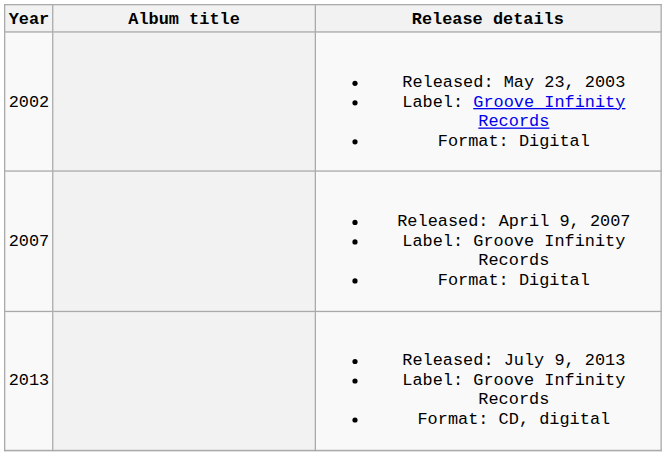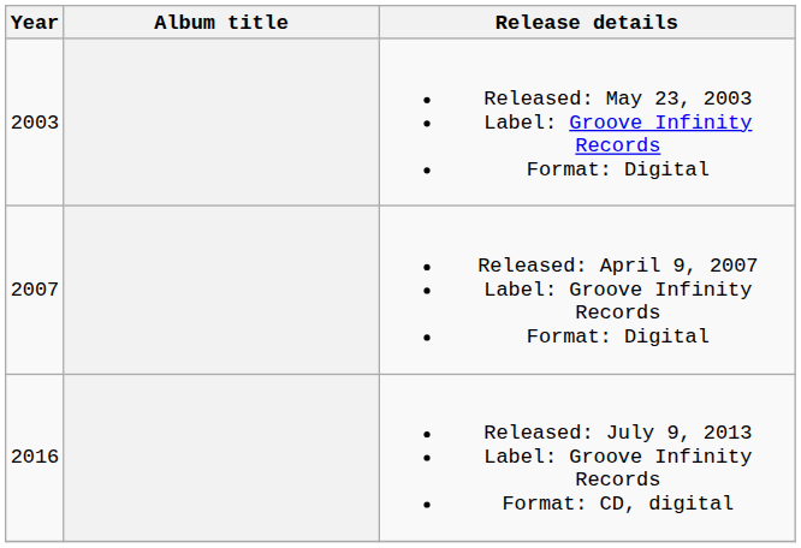 <table class="wikitable plainrowheaders" style="text-align:center;">
 <tr>
 <th>Year</th>
 <th scope="col" rowspan="1" style="width:15em;">Album title</th>
 <th scope="col" rowspan="1" style="width:20em;">Release details</th>
 </tr>
 <tr>
-<td>2002</td>
+<td>2003</td>
 <th></th>
 <td><br><ul><li>Released: May 23, 2003</li><li>Label: <a href='#'>Groove Infinity Records</a></li><li>Format: Digital</li></ul></td>
 </tr>
 <tr>
 <td>2007</td>
 <th></th>
 <td><br><ul><li>Released: April 9, 2007</li><li>Label: Groove Infinity Records</li><li>Format: Digital</li></ul></td>
 </tr>
 <tr>
-<td>2013</td>
+<td>2016</td>
 <th></th>
 <td><br><ul><li>Released: July 9, 2013</li><li>Label: Groove Infinity Records</li><li>Format: CD, digital</li></ul></td>
 </tr>
 <tr>
 </tr>
 </table>
